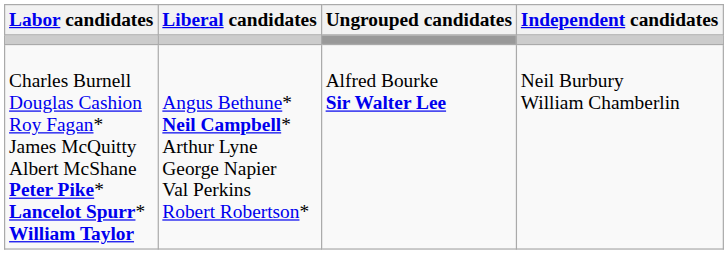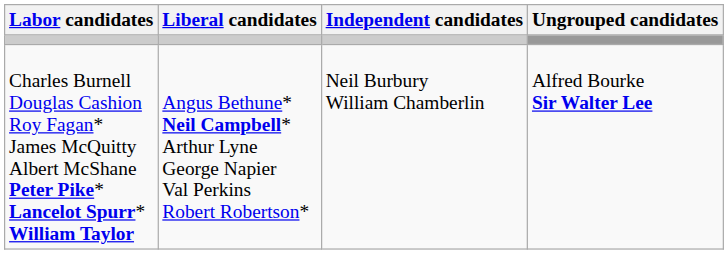 <table class="wikitable">
 <tr>
 <th><a href='#'>Labor</a> candidates</th>
 <th><a href='#'>Liberal</a> candidates</th>
+<th><a href='#'>Independent</a> candidates</th>
 <th>Ungrouped candidates</th>
-<th><a href='#'>Independent</a> candidates</th>
 </tr>
 <tr bgcolor="#cccccc">
 <td></td>
 <td></td>
+<td></td>
 <td bgcolor="#999999"></td>
-<td></td>
 </tr>
 <tr>
 <td><br>Charles Burnell<br> <a href='#'>Douglas Cashion</a><br> <a href='#'>Roy Fagan</a>*<br> James McQuitty<br> Albert McShane<br> <strong><a href='#'>Peter Pike</a></strong>*<br> <strong><a href='#'>Lancelot Spurr</a></strong>*<br> <strong><a href='#'>William Taylor</a></strong></td>
 <td><br><a href='#'>Angus Bethune</a>*<br> <strong><a href='#'>Neil Campbell</a></strong>*<br> Arthur Lyne<br> George Napier<br> Val Perkins<br> <a href='#'>Robert Robertson</a>*</td>
+<td valign=top><br>Neil Burbury<br> William Chamberlin</td>
 <td valign=top><br>Alfred Bourke<br> <strong><a href='#'>Sir Walter Lee</a></strong></td>
-<td valign=top><br>Neil Burbury<br> William Chamberlin</td>
 </tr>
 </table>
